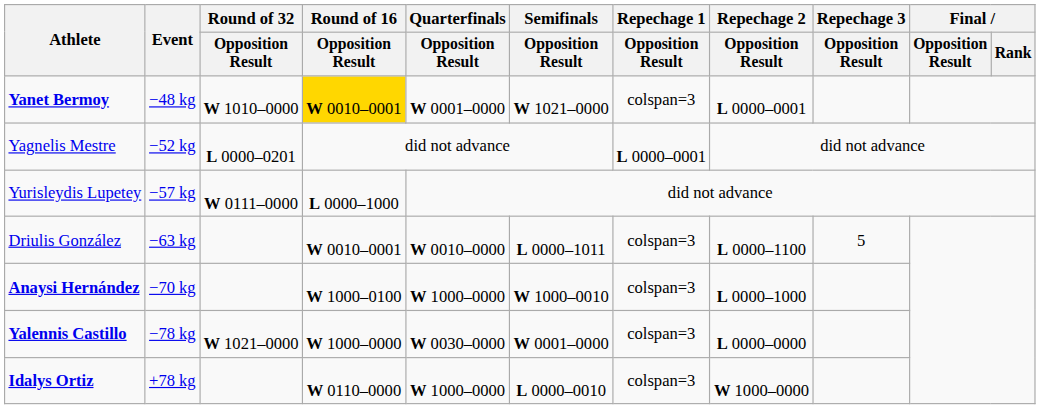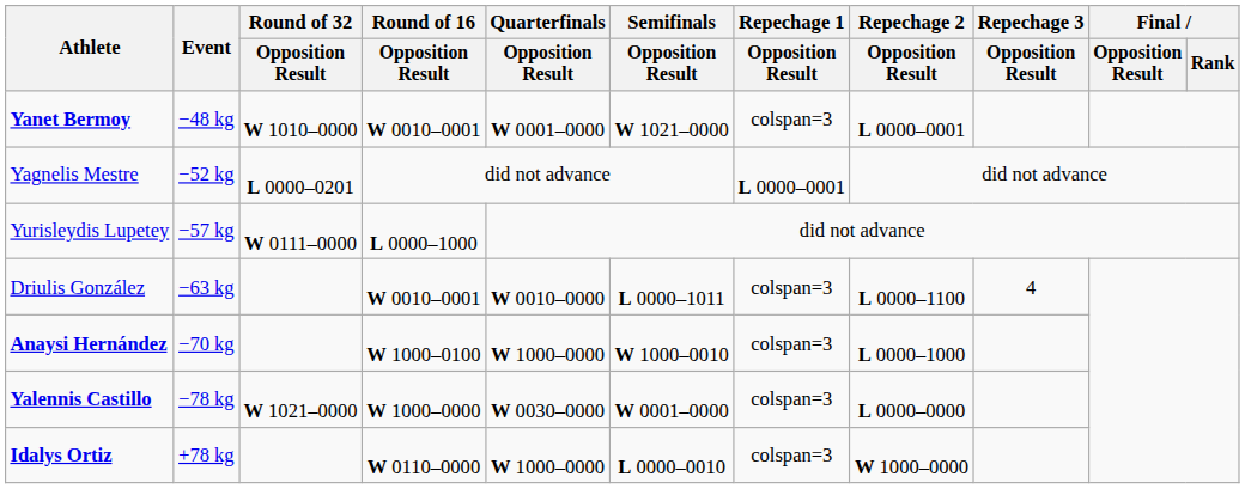 <table class="wikitable" style="font-size:90%">
 <tr>
 <th rowspan="2">Athlete</th>
 <th rowspan="2">Event</th>
 <th>Round of 32</th>
 <th>Round of 16</th>
 <th>Quarterfinals</th>
 <th>Semifinals</th>
 <th>Repechage 1</th>
 <th>Repechage 2</th>
 <th>Repechage 3</th>
 <th colspan=2>Final / </th>
 </tr>
 <tr style="font-size:95%">
 <th>Opposition<br>Result</th>
 <th>Opposition<br>Result</th>
 <th>Opposition<br>Result</th>
 <th>Opposition<br>Result</th>
 <th>Opposition<br>Result</th>
 <th>Opposition<br>Result</th>
 <th>Opposition<br>Result</th>
 <th>Opposition<br>Result</th>
 <th>Rank</th>
 </tr>
 <tr align=center>
 <td align=left><strong><a href='#'>Yanet Bermoy</a></strong></td>
 <td align=left><a href='#'>−48 kg</a></td>
 <td> <br> <strong>W</strong> 1010–0000</td>
-<td style="background: gold;"> <br> <strong>W</strong> 0010–0001</td>
+<td> <br> <strong>W</strong> 0010–0001</td>
 <td> <br> <strong>W</strong> 0001–0000</td>
 <td> <br> <strong>W</strong> 1021–0000</td>
 <td>colspan=3 </td>
 <td> <br> <strong>L</strong> 0000–0001</td>
 <td></td>
 </tr>
 <tr align=center>
 <td align=left><a href='#'>Yagnelis Mestre</a></td>
 <td align=left><a href='#'>−52 kg</a></td>
 <td> <br> <strong>L</strong> 0000–0201</td>
 <td colspan=3>did not advance</td>
 <td> <br> <strong>L</strong> 0000–0001</td>
 <td colspan=4>did not advance</td>
 </tr>
 <tr align=center>
 <td align=left><a href='#'>Yurisleydis Lupetey</a></td>
 <td align=left><a href='#'>−57 kg</a></td>
 <td> <br> <strong>W</strong> 0111–0000</td>
 <td> <br> <strong>L</strong> 0000–1000</td>
 <td colspan=7>did not advance</td>
 </tr>
 <tr align=center>
 <td align=left><a href='#'>Driulis González</a></td>
 <td><a href='#'>−63 kg</a></td>
 <td></td>
 <td> <br> <strong>W</strong> 0010–0001</td>
 <td> <br> <strong>W</strong> 0010–0000</td>
 <td> <br> <strong>L</strong> 0000–1011</td>
 <td>colspan=3 </td>
 <td> <br> <strong>L</strong> 0000–1100</td>
-<td>5</td>
+<td>4</td>
 </tr>
 <tr align=center>
 <td align=left><strong><a href='#'>Anaysi Hernández</a></strong></td>
 <td align=left><a href='#'>−70 kg</a></td>
 <td></td>
 <td> <br> <strong>W</strong> 1000–0100</td>
 <td> <br> <strong>W</strong> 1000–0000</td>
 <td> <br> <strong>W</strong> 1000–0010</td>
 <td>colspan=3 </td>
 <td> <br> <strong>L</strong> 0000–1000</td>
 <td></td>
 </tr>
 <tr align=center>
 <td align=left><strong><a href='#'>Yalennis Castillo</a></strong></td>
 <td align=left><a href='#'>−78 kg</a></td>
 <td> <br> <strong>W</strong> 1021–0000</td>
 <td> <br> <strong>W</strong> 1000–0000</td>
 <td> <br> <strong>W</strong> 0030–0000</td>
 <td> <br> <strong>W</strong> 0001–0000</td>
 <td>colspan=3 </td>
 <td> <br> <strong>L</strong> 0000–0000 </td>
 <td></td>
 </tr>
 <tr align=center>
 <td align=left><strong><a href='#'>Idalys Ortiz</a></strong></td>
 <td align=left><a href='#'>+78 kg</a></td>
 <td></td>
 <td> <br> <strong>W</strong> 0110–0000</td>
 <td> <br> <strong>W</strong> 1000–0000</td>
 <td> <br> <strong>L</strong> 0000–0010</td>
 <td>colspan=3 </td>
 <td> <br> <strong>W</strong> 1000–0000</td>
 <td></td>
 </tr>
 </table>
